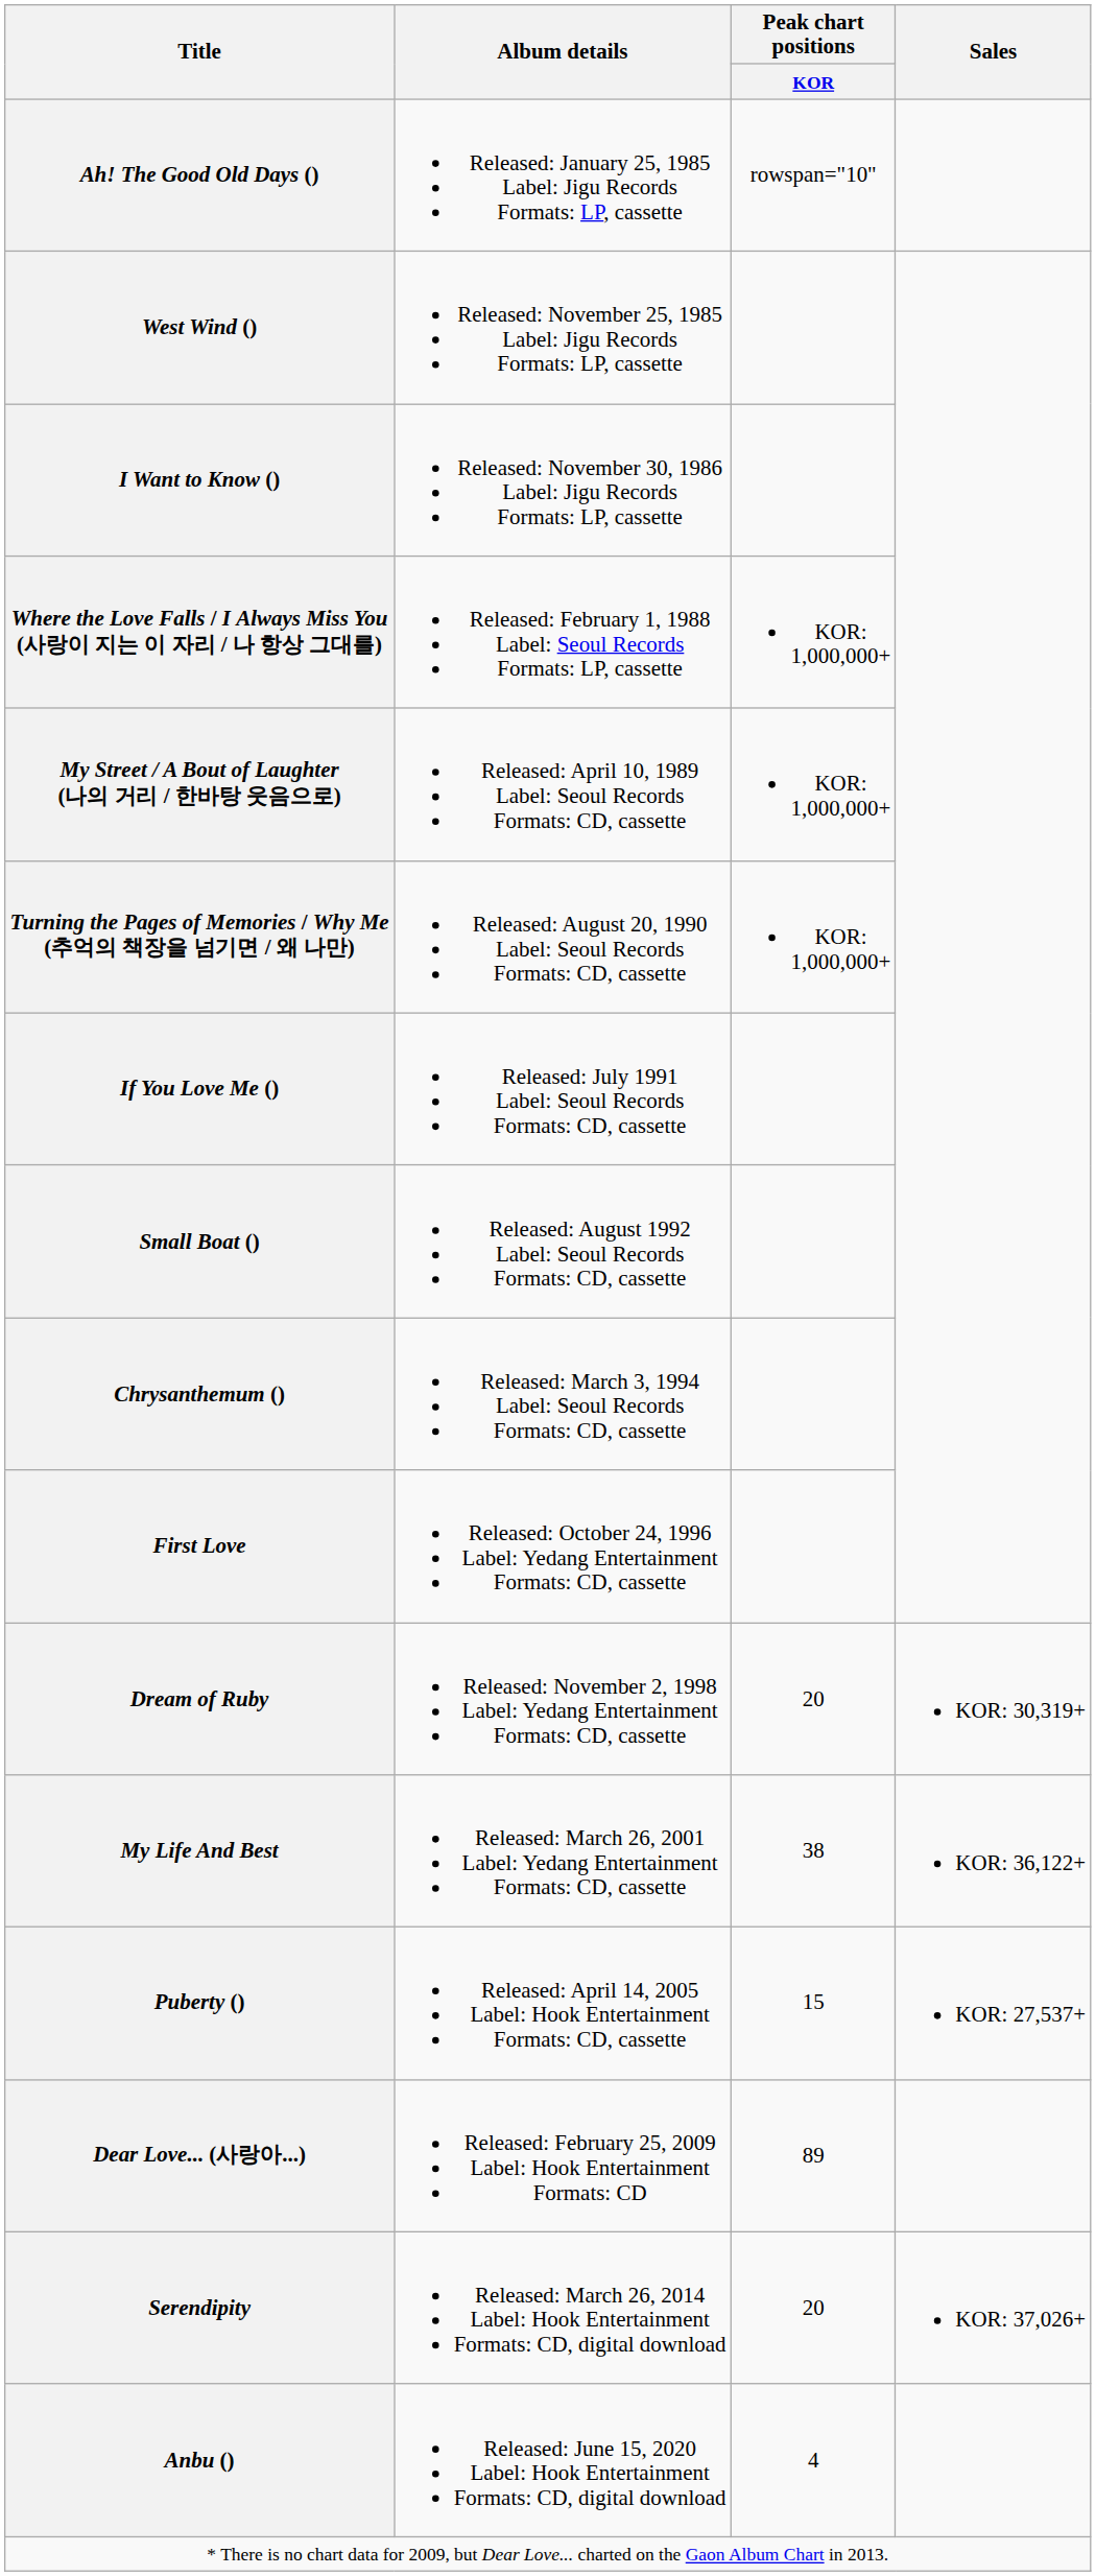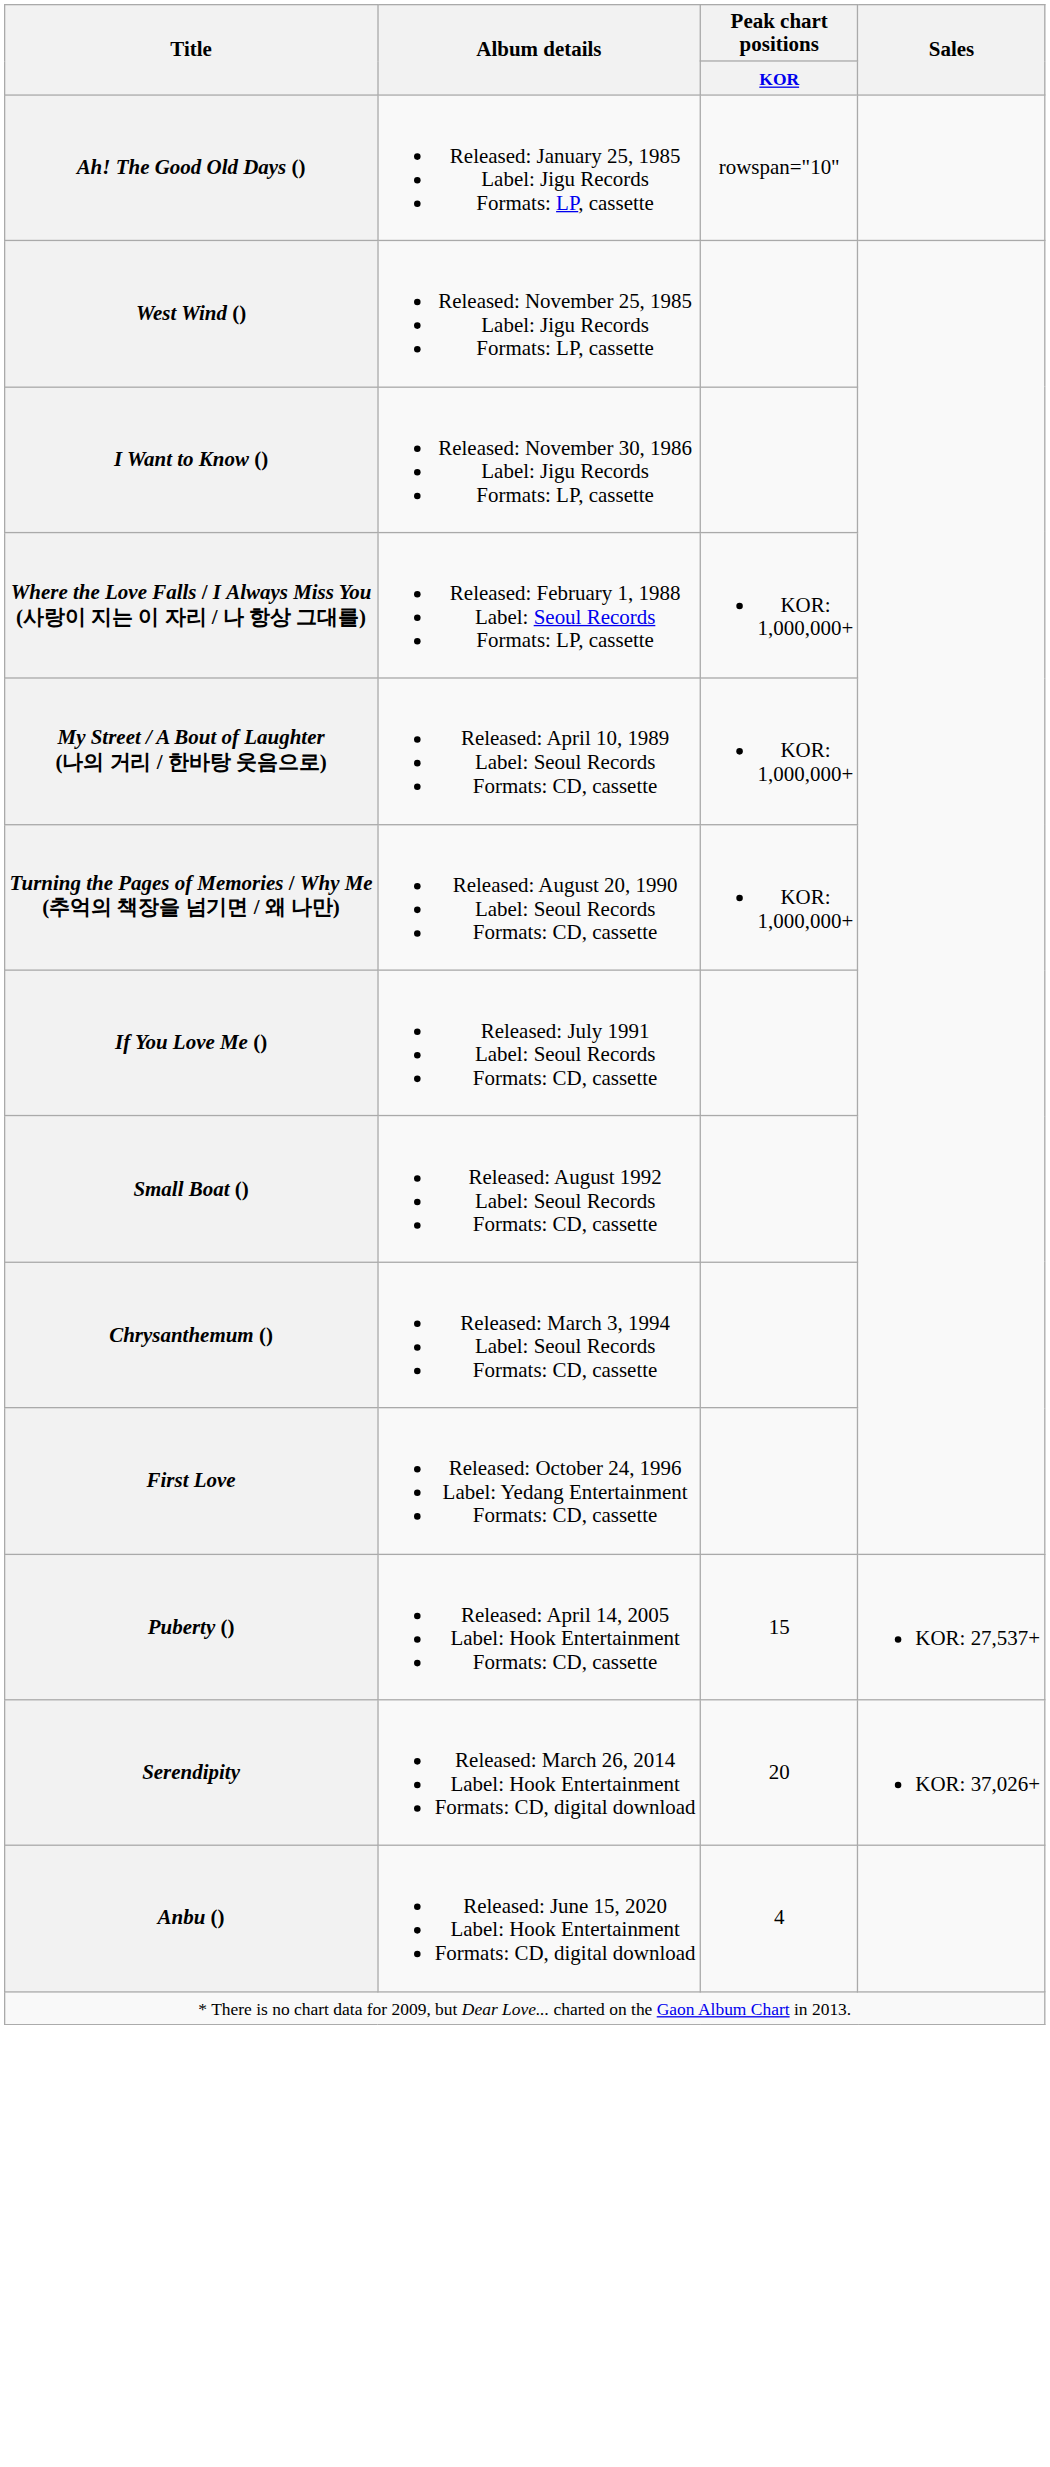 <table class="wikitable plainrowheaders" style="text-align:center;">
 <tr>
 <th scope="col" rowspan="2">Title</th>
 <th scope="col" rowspan="2">Album details</th>
 <th scope="col" colspan="1" style="width:5em;">Peak chart positions</th>
 <th scope="col" rowspan="2">Sales</th>
 </tr>
 <tr>
 <th><small><a href='#'>KOR</a></small><br></th>
 </tr>
 <tr>
 <th scope="row"><em>Ah! The Good Old Days</em> ()</th>
 <td><br><ul><li>Released: January 25, 1985</li><li>Label: Jigu Records</li><li>Formats: <a href='#'>LP</a>, cassette</li></ul></td>
 <td>rowspan="10" </td>
 <td></td>
 </tr>
 <tr>
 <th scope="row"><em>West Wind</em> ()</th>
 <td><br><ul><li>Released: November 25, 1985</li><li>Label: Jigu Records</li><li>Formats: LP, cassette</li></ul></td>
 <td></td>
 </tr>
 <tr>
 <th scope="row"><em>I Want to Know</em> ()</th>
 <td><br><ul><li>Released: November 30, 1986</li><li>Label: Jigu Records</li><li>Formats: LP, cassette</li></ul></td>
 <td></td>
 </tr>
 <tr>
 <th scope="row"><em>Where the Love Falls</em> / <em>I</em> <em>Always Miss You</em><br>(사랑이 지는 이 자리 / 나 항상 그대를)</th>
 <td><br><ul><li>Released: February 1, 1988</li><li>Label: <a href='#'>Seoul Records</a></li><li>Formats: LP, cassette</li></ul></td>
 <td><br><ul><li>KOR: 1,000,000+</li></ul></td>
 </tr>
 <tr>
 <th scope="row"><em>My Street / A Bout of Laughter</em><br>(나의 거리 / 한바탕 웃음으로)</th>
 <td><br><ul><li>Released: April 10, 1989</li><li>Label: Seoul Records</li><li>Formats: CD, cassette</li></ul></td>
 <td><br><ul><li>KOR: 1,000,000+</li></ul></td>
 </tr>
 <tr>
 <th scope="row"><em>Turning the Pages of Memories</em> / <em>Why Me</em><br>(추억의 책장을 넘기면 / 왜 나만)</th>
 <td><br><ul><li>Released: August 20, 1990</li><li>Label: Seoul Records</li><li>Formats: CD, cassette</li></ul></td>
 <td><br><ul><li>KOR: 1,000,000+</li></ul></td>
 </tr>
 <tr>
 <th scope="row"><em>If You Love Me</em> ()</th>
 <td><br><ul><li>Released: July 1991</li><li>Label: Seoul Records</li><li>Formats: CD, cassette</li></ul></td>
 <td></td>
 </tr>
 <tr>
 <th scope="row"><em>Small Boat</em> ()</th>
 <td><br><ul><li>Released: August 1992</li><li>Label: Seoul Records</li><li>Formats: CD, cassette</li></ul></td>
 <td></td>
 </tr>
 <tr>
 <th scope="row"><em>Chrysanthemum</em> ()</th>
 <td><br><ul><li>Released: March 3, 1994</li><li>Label: Seoul Records</li><li>Formats: CD, cassette</li></ul></td>
 <td></td>
 </tr>
 <tr>
 <th scope="row"><em>First Love</em></th>
 <td><br><ul><li>Released: October 24, 1996</li><li>Label: Yedang Entertainment</li><li>Formats: CD, cassette</li></ul></td>
 <td></td>
 </tr>
 <tr>
-<th scope="row"><em>Dream of Ruby</em></th>
-<td><br><ul><li>Released: November 2, 1998</li><li>Label: Yedang Entertainment</li><li>Formats: CD, cassette</li></ul></td>
-<td>20</td>
-<td><br><ul><li>KOR: 30,319+</li></ul></td>
-</tr>
-<tr>
-<th scope="row"><em>My Life And Best</em></th>
-<td><br><ul><li>Released: March 26, 2001</li><li>Label: Yedang Entertainment</li><li>Formats: CD, cassette</li></ul></td>
-<td>38</td>
-<td><br><ul><li>KOR: 36,122+</li></ul></td>
-</tr>
-<tr>
 <th scope="row"><em>Puberty</em> ()</th>
 <td><br><ul><li>Released: April 14, 2005</li><li>Label: Hook Entertainment</li><li>Formats: CD, cassette</li></ul></td>
 <td>15</td>
 <td><br><ul><li>KOR: 27,537+</li></ul></td>
-</tr>
-<tr>
-<th scope="row"><em>Dear Love...</em> (사랑아...)</th>
-<td><br><ul><li>Released: February 25, 2009</li><li>Label: Hook Entertainment</li><li>Formats: CD</li></ul></td>
-<td>89</td>
-<td></td>
 </tr>
 <tr>
 <th scope="row"><em>Serendipity</em></th>
 <td><br><ul><li>Released: March 26, 2014</li><li>Label: Hook Entertainment</li><li>Formats: CD, digital download</li></ul></td>
 <td>20</td>
 <td><br><ul><li>KOR: 37,026+</li></ul></td>
 </tr>
 <tr>
 <th scope="row"><em>Anbu</em> ()</th>
 <td><br><ul><li>Released: June 15, 2020</li><li>Label: Hook Entertainment</li><li>Formats: CD, digital download</li></ul></td>
 <td>4</td>
 <td></td>
 </tr>
 <tr>
 <td colspan="4"><small>* There is no chart data for 2009, but <em>Dear Love...</em> charted on the <a href='#'>Gaon Album Chart</a> in 2013.</small></td>
 </tr>
 </table>
